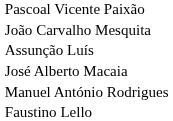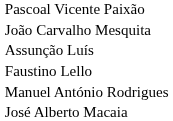 <table border="0" style="text-align:center;">
 <tr>
 <td align=left> Pascoal Vicente Paixão</td>
 </tr>
 <tr>
 <td align=left> João Carvalho Mesquita</td>
 </tr>
 <tr>
 <td align=left> Assunção Luís</td>
 </tr>
 <tr>
-<td align=left> José Alberto Macaia</td>
+<td align=left> Faustino Lello</td>
 </tr>
 <tr>
 <td align=left> Manuel António Rodrigues</td>
 </tr>
 <tr>
-<td align=left> Faustino Lello</td>
+<td align=left> José Alberto Macaia</td>
 </tr>
 </table>
